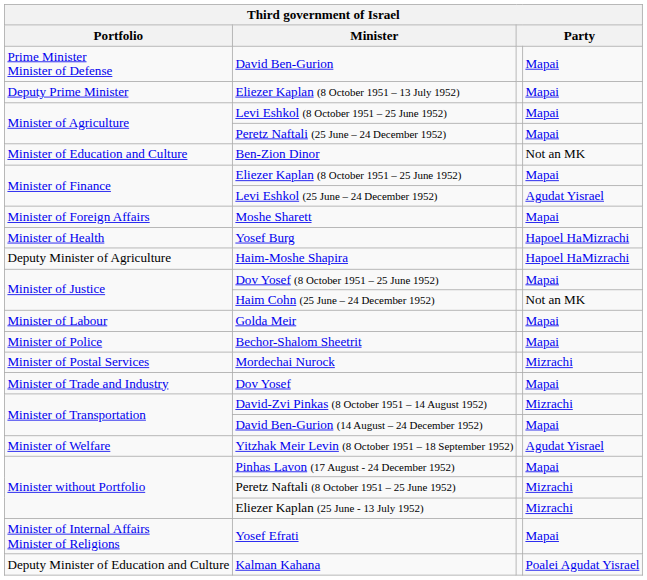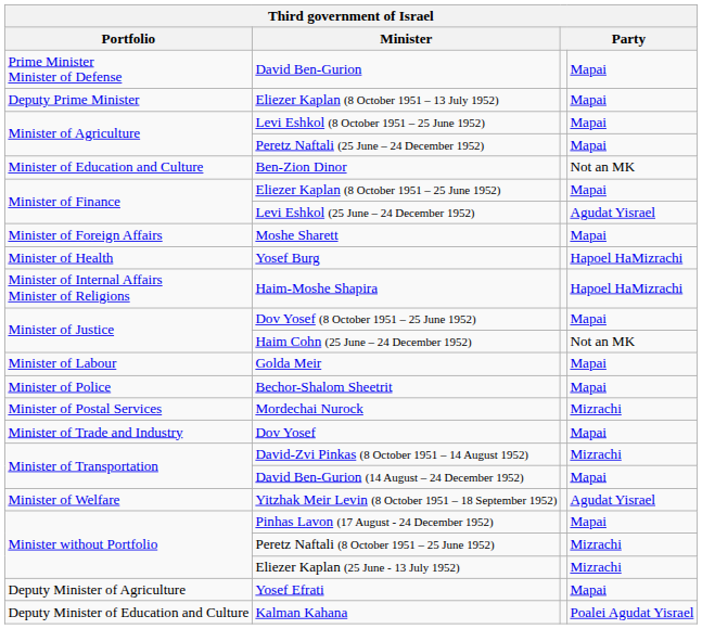 <table class="wikitable sortable" style="text-align:left">
 <tr>
 <th colspan=4>Third government of Israel</th>
 </tr>
 <tr>
 <th>Portfolio</th>
 <th>Minister</th>
 <th colspan=2>Party</th>
 </tr>
 <tr>
 <td><a href='#'>Prime Minister</a><br><a href='#'>Minister of Defense</a></td>
 <td><a href='#'>David Ben-Gurion</a></td>
 <td style="background:"></td>
 <td><a href='#'>Mapai</a></td>
 </tr>
 <tr>
 <td><a href='#'>Deputy Prime Minister</a></td>
 <td><a href='#'>Eliezer Kaplan</a> <small>(8 October 1951 – 13 July 1952)</small></td>
 <td style="background:"></td>
 <td><a href='#'>Mapai</a></td>
 </tr>
 <tr>
 <td rowspan=2><a href='#'>Minister of Agriculture</a></td>
 <td><a href='#'>Levi Eshkol</a> <small>(8 October 1951 – 25 June 1952)</small></td>
 <td style="background:"></td>
 <td><a href='#'>Mapai</a></td>
 </tr>
 <tr>
 <td><a href='#'>Peretz Naftali</a> <small>(25 June – 24 December 1952)</small></td>
 <td style="background:"></td>
 <td><a href='#'>Mapai</a></td>
 </tr>
 <tr>
 <td><a href='#'>Minister of Education and Culture</a></td>
 <td><a href='#'>Ben-Zion Dinor</a></td>
 <td style="background:"></td>
 <td>Not an MK</td>
 </tr>
 <tr>
 <td rowspan=2><a href='#'>Minister of Finance</a></td>
 <td><a href='#'>Eliezer Kaplan</a> <small>(8 October 1951 – 25 June 1952)</small></td>
 <td style="background:"></td>
 <td><a href='#'>Mapai</a></td>
 </tr>
 <tr>
 <td><a href='#'>Levi Eshkol</a> <small>(25 June – 24 December 1952)</small></td>
 <td style="background:"></td>
 <td><a href='#'>Agudat Yisrael</a></td>
 </tr>
 <tr>
 <td><a href='#'>Minister of Foreign Affairs</a></td>
 <td><a href='#'>Moshe Sharett</a></td>
 <td style="background:"></td>
 <td><a href='#'>Mapai</a></td>
 </tr>
 <tr>
 <td><a href='#'>Minister of Health</a></td>
 <td><a href='#'>Yosef Burg</a></td>
 <td style="background:"></td>
 <td><a href='#'>Hapoel HaMizrachi</a></td>
 </tr>
 <tr>
-<td>Deputy Minister of Agriculture</td>
+<td><a href='#'>Minister of Internal Affairs</a><br><a href='#'>Minister of Religions</a></td>
 <td><a href='#'>Haim-Moshe Shapira</a></td>
 <td style="background:"></td>
 <td><a href='#'>Hapoel HaMizrachi</a></td>
 </tr>
 <tr>
 <td rowspan=2><a href='#'>Minister of Justice</a></td>
 <td><a href='#'>Dov Yosef</a> <small>(8 October 1951 – 25 June 1952)</small></td>
 <td style="background:"></td>
 <td><a href='#'>Mapai</a></td>
 </tr>
 <tr>
 <td><a href='#'>Haim Cohn</a> <small>(25 June – 24 December 1952)</small></td>
 <td bgcolor=></td>
 <td>Not an MK</td>
 </tr>
 <tr>
 <td><a href='#'>Minister of Labour</a></td>
 <td><a href='#'>Golda Meir</a></td>
 <td style="background:"></td>
 <td><a href='#'>Mapai</a></td>
 </tr>
 <tr>
 <td><a href='#'>Minister of Police</a></td>
 <td><a href='#'>Bechor-Shalom Sheetrit</a></td>
 <td style="background:"></td>
 <td><a href='#'>Mapai</a></td>
 </tr>
 <tr>
 <td><a href='#'>Minister of Postal Services</a></td>
 <td><a href='#'>Mordechai Nurock</a></td>
 <td style="background:"></td>
 <td><a href='#'>Mizrachi</a></td>
 </tr>
 <tr>
 <td><a href='#'>Minister of Trade and Industry</a></td>
 <td><a href='#'>Dov Yosef</a></td>
 <td style="background:"></td>
 <td><a href='#'>Mapai</a></td>
 </tr>
 <tr>
 <td rowspan=2><a href='#'>Minister of Transportation</a></td>
 <td><a href='#'>David-Zvi Pinkas</a> <small>(8 October 1951 – 14 August 1952)</small></td>
 <td style="background:"></td>
 <td><a href='#'>Mizrachi</a></td>
 </tr>
 <tr>
 <td><a href='#'>David Ben-Gurion</a> <small>(14 August – 24 December 1952)</small></td>
 <td style="background:"></td>
 <td><a href='#'>Mapai</a></td>
 </tr>
 <tr>
 <td><a href='#'>Minister of Welfare</a></td>
 <td><a href='#'>Yitzhak Meir Levin</a> <small>(8 October 1951 – 18 September 1952)</small></td>
 <td style="background:"></td>
 <td><a href='#'>Agudat Yisrael</a></td>
 </tr>
 <tr>
 <td rowspan="3"><a href='#'>Minister without Portfolio</a></td>
 <td><a href='#'>Pinhas Lavon</a> <small>(17 August - 24 December 1952)</small></td>
 <td style="background:"></td>
 <td><a href='#'>Mapai</a></td>
 </tr>
 <tr>
 <td>Peretz Naftali <small>(8 October 1951 – 25 June 1952)</small></td>
 <td style="background:"></td>
 <td><a href='#'>Mizrachi</a></td>
 </tr>
 <tr>
 <td>Eliezer Kaplan <small>(25 June - 13 July 1952)</small></td>
 <td style="background:"></td>
 <td><a href='#'>Mizrachi</a></td>
 </tr>
 <tr>
-<td><a href='#'>Minister of Internal Affairs</a><br><a href='#'>Minister of Religions</a></td>
+<td>Deputy Minister of Agriculture</td>
 <td><a href='#'>Yosef Efrati</a></td>
 <td style="background:"></td>
 <td><a href='#'>Mapai</a></td>
 </tr>
 <tr>
 <td>Deputy Minister of Education and Culture</td>
 <td><a href='#'>Kalman Kahana</a></td>
 <td style="background:"></td>
 <td><a href='#'>Poalei Agudat Yisrael</a></td>
 </tr>
 </table>
